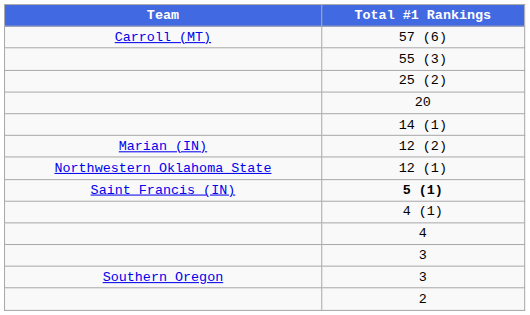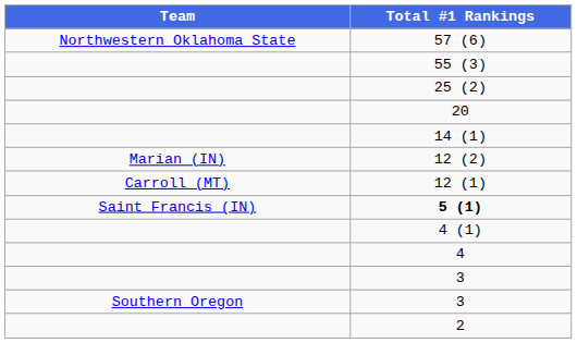 <table class="wikitable" style="width:40%;">
 <tr>
 <th style="background:#4169E1; color:white;">Team</th>
 <th style="background:#4169E1; color:white;">Total #1 Rankings</th>
 </tr>
 <tr style="text-align:center;">
-<td><a href='#'>Carroll (MT)</a></td>
+<td><a href='#'>Northwestern Oklahoma State</a></td>
 <td>57 (6)</td>
 </tr>
 <tr style="text-align:center;">
 <td></td>
 <td>55 (3)</td>
 </tr>
 <tr style="text-align:center;">
 <td></td>
 <td>25 (2)</td>
 </tr>
 <tr style="text-align:center;">
 <td></td>
 <td>20</td>
 </tr>
 <tr style="text-align:center;">
 <td></td>
 <td>14 (1)</td>
 </tr>
 <tr style="text-align:center;">
 <td><a href='#'>Marian (IN)</a></td>
 <td>12 (2)</td>
 </tr>
 <tr style="text-align:center;">
-<td><a href='#'>Northwestern Oklahoma State</a></td>
+<td><a href='#'>Carroll (MT)</a></td>
 <td>12 (1)</td>
 </tr>
 <tr style="text-align:center;">
 <td><a href='#'>Saint Francis (IN)</a></td>
 <td><strong>5 (1)</strong></td>
 </tr>
 <tr style="text-align:center;">
 <td></td>
 <td>4 (1)</td>
 </tr>
 <tr style="text-align:center;">
 <td></td>
 <td>4</td>
 </tr>
 <tr style="text-align:center;">
 <td></td>
 <td>3</td>
 </tr>
 <tr style="text-align:center;">
 <td><a href='#'>Southern Oregon</a></td>
 <td>3</td>
 </tr>
 <tr style="text-align:center;">
 <td></td>
 <td>2</td>
 </tr>
 </table>
